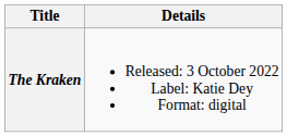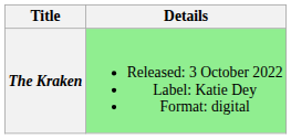 <table class="wikitable plainrowheaders" style="text-align:center;" border="1">
 <tr>
 <th>Title</th>
 <th>Details</th>
 </tr>
 <tr>
 <th scope="row"><em>The Kraken</em></th>
-<td><br><ul><li>Released: 3 October 2022</li><li>Label: Katie Dey</li><li>Format: digital</li></ul></td>
+<td style="background: lightgreen;"><br><ul><li>Released: 3 October 2022</li><li>Label: Katie Dey</li><li>Format: digital</li></ul></td>
 </tr>
 </table>
